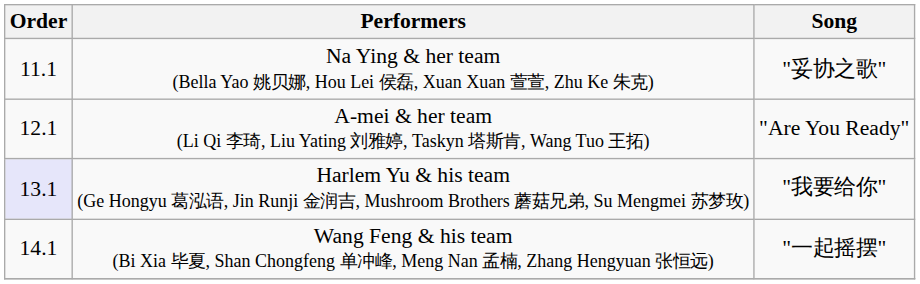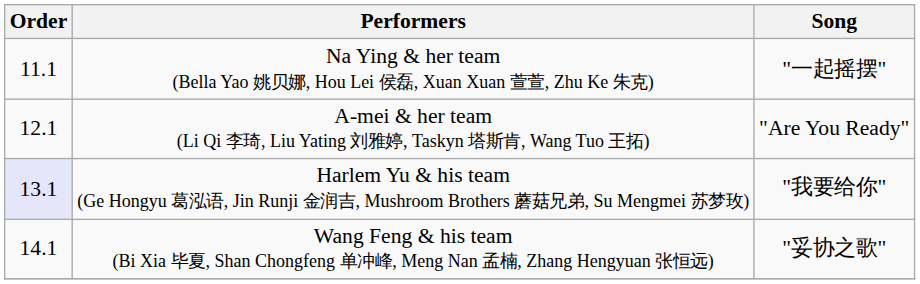 <table class="wikitable" style="text-align:center;">
 <tr>
 <th>Order</th>
 <th>Performers</th>
 <th>Song</th>
 </tr>
 <tr>
 <td>11.1</td>
 <td>Na Ying & her team <br><small>(Bella Yao 姚贝娜, Hou Lei 侯磊, Xuan Xuan 萱萱, Zhu Ke 朱克)</small></td>
-<td>"妥协之歌"</td>
+<td>"一起摇摆"</td>
 </tr>
 <tr>
 <td>12.1</td>
 <td>A-mei & her team <br><small>(Li Qi 李琦, Liu Yating 刘雅婷, Taskyn 塔斯肯, Wang Tuo 王拓)</small></td>
 <td>"Are You Ready"</td>
 </tr>
 <tr>
 <td style="background: lavender;">13.1</td>
 <td>Harlem Yu & his team <br><small>(Ge Hongyu 葛泓语, Jin Runji 金润吉, Mushroom Brothers 蘑菇兄弟, Su Mengmei 苏梦玫)</small></td>
 <td>"我要给你"</td>
 </tr>
 <tr>
 <td>14.1</td>
 <td>Wang Feng & his team <br><small>(Bi Xia 毕夏, Shan Chongfeng 单冲峰, Meng Nan 孟楠, Zhang Hengyuan 张恒远)</small></td>
-<td>"一起摇摆"</td>
+<td>"妥协之歌"</td>
 </tr>
 <tr>
 </tr>
 </table>
